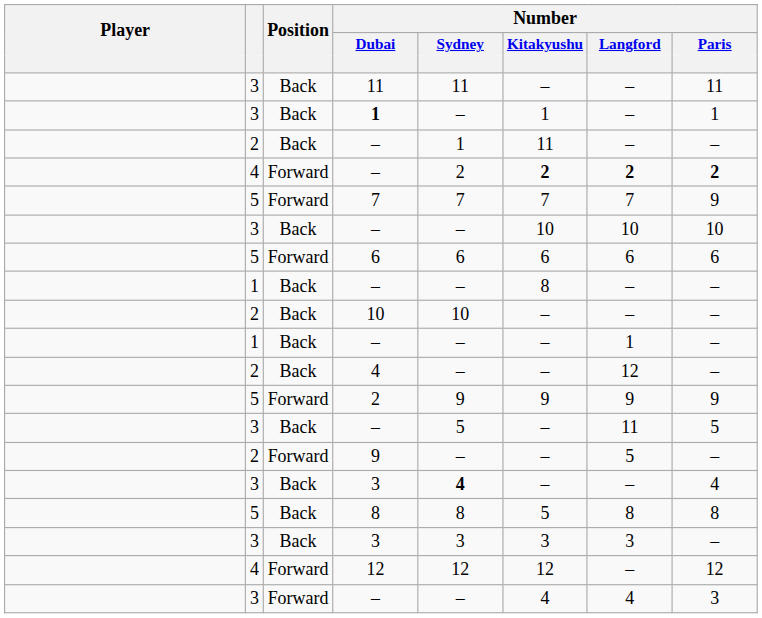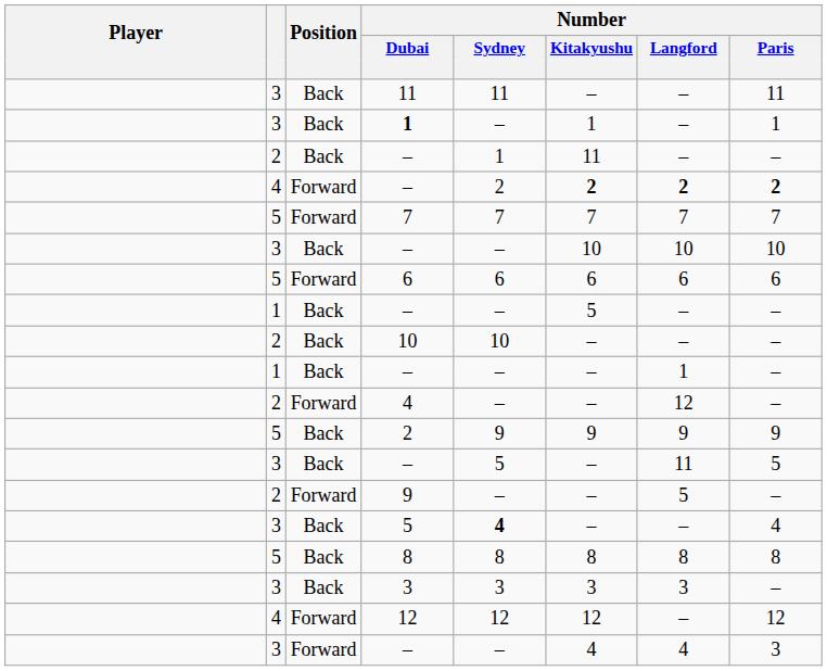 <table class="wikitable sortable" style="text-align:center;">
 <tr>
 <th rowspan="2" style="border-bottom:0; width:13em;">Player</th>
 <th rowspan="2" style="border-bottom:0;"></th>
 <th rowspan="2" style="border-bottom:0;">Position</th>
 <th colspan=5>Number</th>
 </tr>
 <tr>
 <th style="vertical-align:top; width:5.2em; border-bottom:0; padding:2px; font-size:85%;"><a href='#'>Dubai</a></th>
 <th style="vertical-align:top; width:5.2em; border-bottom:0; padding:2px; font-size:85%;"><a href='#'>Sydney</a></th>
 <th style="vertical-align:top; width:5.2em; border-bottom:0; padding:2px; font-size:85%;"><a href='#'>Kitakyushu</a></th>
 <th style="vertical-align:top; width:5.2em; border-bottom:0; padding:2px; font-size:85%;"><a href='#'>Langford</a></th>
 <th style="vertical-align:top; width:5.2em; border-bottom:0; padding:2px; font-size:85%;"><a href='#'>Paris</a></th>
 </tr>
 <tr style="line-height:8px;">
 <th style="border-top:0;"> </th>
 <th style="border-top:0;"></th>
 <th style="border-top:0;"></th>
 <th data-sort-type="number" style="border-top:0;"></th>
 <th data-sort-type="number" style="border-top:0;"></th>
 <th data-sort-type="number" style="border-top:0;"></th>
 <th data-sort-type="number" style="border-top:0;"></th>
 <th data-sort-type="number" style="border-top:0;"></th>
 </tr>
 <tr>
 <td align=left></td>
 <td>3</td>
 <td>Back</td>
 <td>11</td>
 <td>11</td>
 <td>–</td>
 <td>–</td>
 <td>11</td>
 </tr>
 <tr>
 <td align=left></td>
 <td>3</td>
 <td>Back</td>
 <td><strong>1</strong></td>
 <td>–</td>
 <td>1</td>
 <td>–</td>
 <td>1</td>
 </tr>
 <tr>
 <td align=left></td>
 <td>2</td>
 <td>Back</td>
 <td>–</td>
 <td>1</td>
 <td>11</td>
 <td>–</td>
 <td>–</td>
 </tr>
 <tr>
 <td align=left></td>
 <td>4</td>
 <td>Forward</td>
 <td>–</td>
 <td>2</td>
 <td><strong>2</strong></td>
 <td><strong>2</strong></td>
 <td><strong>2</strong></td>
 </tr>
 <tr>
 <td align=left></td>
 <td>5</td>
 <td>Forward</td>
 <td>7</td>
 <td>7</td>
 <td>7</td>
 <td>7</td>
-<td>9</td>
+<td>7</td>
 </tr>
 <tr>
 <td align=left></td>
 <td>3</td>
 <td>Back</td>
 <td>–</td>
 <td>–</td>
 <td>10</td>
 <td>10</td>
 <td>10</td>
 </tr>
 <tr>
 <td align=left></td>
 <td>5</td>
 <td>Forward</td>
 <td>6</td>
 <td>6</td>
 <td>6</td>
 <td>6</td>
 <td>6</td>
 </tr>
 <tr>
 <td align=left></td>
 <td>1</td>
 <td>Back</td>
 <td>–</td>
 <td>–</td>
-<td>8</td>
+<td>5</td>
 <td>–</td>
 <td>–</td>
 </tr>
 <tr>
 <td align=left></td>
 <td>2</td>
 <td>Back</td>
 <td>10</td>
 <td>10</td>
 <td>–</td>
 <td>–</td>
 <td>–</td>
 </tr>
 <tr>
 <td align=left></td>
 <td>1</td>
 <td>Back</td>
 <td>–</td>
 <td>–</td>
 <td>–</td>
 <td>1</td>
 <td>–</td>
 </tr>
 <tr>
 <td align=left></td>
 <td>2</td>
-<td>Back</td>
+<td>Forward</td>
 <td>4</td>
 <td>–</td>
 <td>–</td>
 <td>12</td>
 <td>–</td>
 </tr>
 <tr>
 <td align=left></td>
 <td>5</td>
-<td>Forward</td>
+<td>Back</td>
 <td>2</td>
 <td>9</td>
 <td>9</td>
 <td>9</td>
 <td>9</td>
 </tr>
 <tr>
 <td align=left></td>
 <td>3</td>
 <td>Back</td>
 <td>–</td>
 <td>5</td>
 <td>–</td>
 <td>11</td>
 <td>5</td>
 </tr>
 <tr>
 <td align=left></td>
 <td>2</td>
 <td>Forward</td>
 <td>9</td>
 <td>–</td>
 <td>–</td>
 <td>5</td>
 <td>–</td>
 </tr>
 <tr>
 <td align=left></td>
 <td>3</td>
 <td>Back</td>
-<td>3</td>
+<td>5</td>
 <td><strong>4</strong></td>
 <td>–</td>
 <td>–</td>
 <td>4</td>
 </tr>
 <tr>
 <td align=left></td>
 <td>5</td>
 <td>Back</td>
 <td>8</td>
 <td>8</td>
-<td>5</td>
+<td>8</td>
 <td>8</td>
 <td>8</td>
 </tr>
 <tr>
 <td align=left></td>
 <td>3</td>
 <td>Back</td>
 <td>3</td>
 <td>3</td>
 <td>3</td>
 <td>3</td>
 <td>–</td>
 </tr>
 <tr>
 <td align=left></td>
 <td>4</td>
 <td>Forward</td>
 <td>12</td>
 <td>12</td>
 <td>12</td>
 <td>–</td>
 <td>12</td>
 </tr>
 <tr>
 <td align=left></td>
 <td>3</td>
 <td>Forward</td>
 <td>–</td>
 <td>–</td>
 <td>4</td>
 <td>4</td>
 <td>3</td>
 </tr>
 </table>
